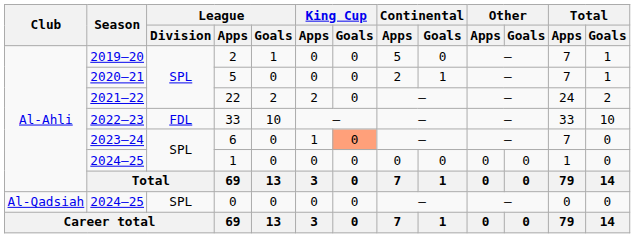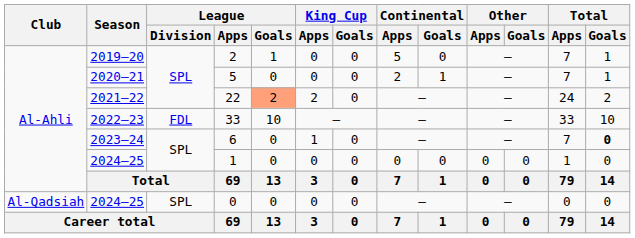 <table class="wikitable" style="text-align: center">
 <tr>
 <th rowspan="2">Club</th>
 <th rowspan="2">Season</th>
 <th colspan="3">League</th>
 <th colspan="2"><a href='#'>King Cup</a></th>
 <th colspan="2">Continental</th>
 <th colspan="2">Other</th>
 <th colspan="2">Total</th>
 </tr>
 <tr>
 <th>Division</th>
 <th>Apps</th>
 <th>Goals</th>
 <th>Apps</th>
 <th>Goals</th>
 <th>Apps</th>
 <th>Goals</th>
 <th>Apps</th>
 <th>Goals</th>
 <th>Apps</th>
 <th>Goals</th>
 </tr>
 <tr>
 <td rowspan=7><a href='#'>Al-Ahli</a></td>
 <td><a href='#'>2019–20</a></td>
 <td rowspan=3><a href='#'>SPL</a></td>
 <td>2</td>
 <td>1</td>
 <td>0</td>
 <td>0</td>
 <td>5</td>
 <td>0</td>
 <td colspan=2>–</td>
 <td>7</td>
 <td>1</td>
 </tr>
 <tr>
 <td><a href='#'>2020–21</a></td>
 <td>5</td>
 <td>0</td>
 <td>0</td>
 <td>0</td>
 <td>2</td>
 <td>1</td>
 <td colspan=2>–</td>
 <td>7</td>
 <td>1</td>
 </tr>
 <tr>
 <td><a href='#'>2021–22</a></td>
 <td>22</td>
-<td>2</td>
+<td style="background: lightsalmon;">2</td>
 <td>2</td>
 <td>0</td>
 <td colspan=2>–</td>
 <td colspan=2>–</td>
 <td>24</td>
 <td>2</td>
 </tr>
 <tr>
 <td><a href='#'>2022–23</a></td>
 <td><a href='#'>FDL</a></td>
 <td>33</td>
 <td>10</td>
 <td colspan=2>–</td>
 <td colspan=2>–</td>
 <td colspan=2>–</td>
 <td>33</td>
 <td>10</td>
 </tr>
 <tr>
 <td><a href='#'>2023–24</a></td>
 <td rowspan=2>SPL</td>
 <td>6</td>
 <td>0</td>
 <td>1</td>
-<td style="background: lightsalmon;">0</td>
+<td>0</td>
 <td colspan=2>–</td>
 <td colspan=2>–</td>
 <td>7</td>
-<td>0</td>
+<td><strong>0</strong></td>
 </tr>
 <tr>
 <td><a href='#'>2024–25</a></td>
 <td>1</td>
 <td>0</td>
 <td>0</td>
 <td>0</td>
 <td>0</td>
 <td>0</td>
 <td>0</td>
 <td>0</td>
 <td>1</td>
 <td>0</td>
 </tr>
 <tr>
 <th colspan=2>Total</th>
 <th>69</th>
 <th>13</th>
 <th>3</th>
 <th>0</th>
 <th>7</th>
 <th>1</th>
 <th>0</th>
 <th>0</th>
 <th>79</th>
 <th>14</th>
 </tr>
 <tr>
 <td rowspan=1><a href='#'>Al-Qadsiah</a></td>
 <td><a href='#'>2024–25</a></td>
 <td>SPL</td>
 <td>0</td>
 <td>0</td>
 <td>0</td>
 <td>0</td>
 <td colspan=2>–</td>
 <td colspan=2>–</td>
 <td>0</td>
 <td>0</td>
 </tr>
 <tr>
 <th colspan=3>Career total</th>
 <th>69</th>
 <th>13</th>
 <th>3</th>
 <th>0</th>
 <th>7</th>
 <th>1</th>
 <th>0</th>
 <th>0</th>
 <th>79</th>
 <th>14</th>
 </tr>
 </table>
